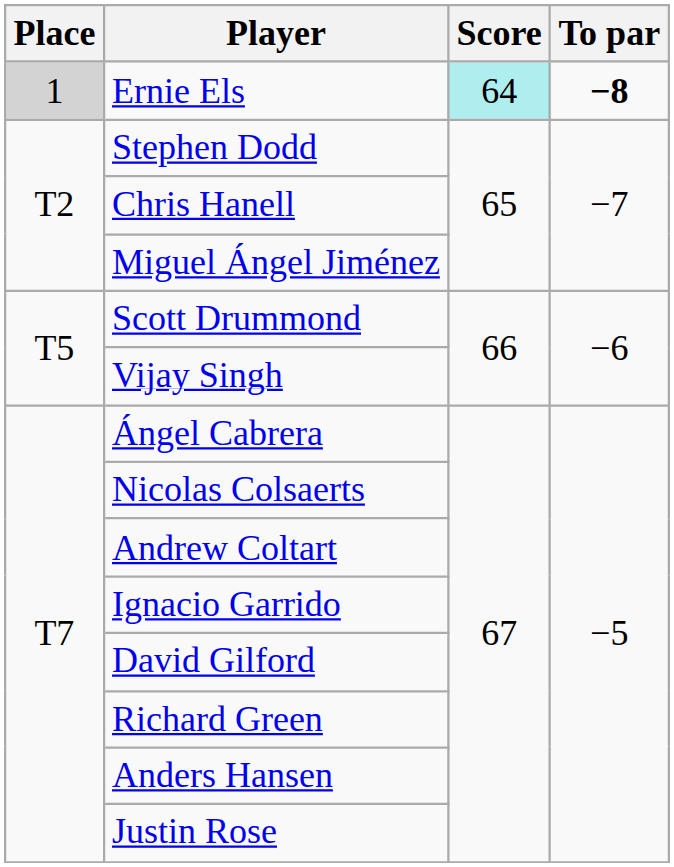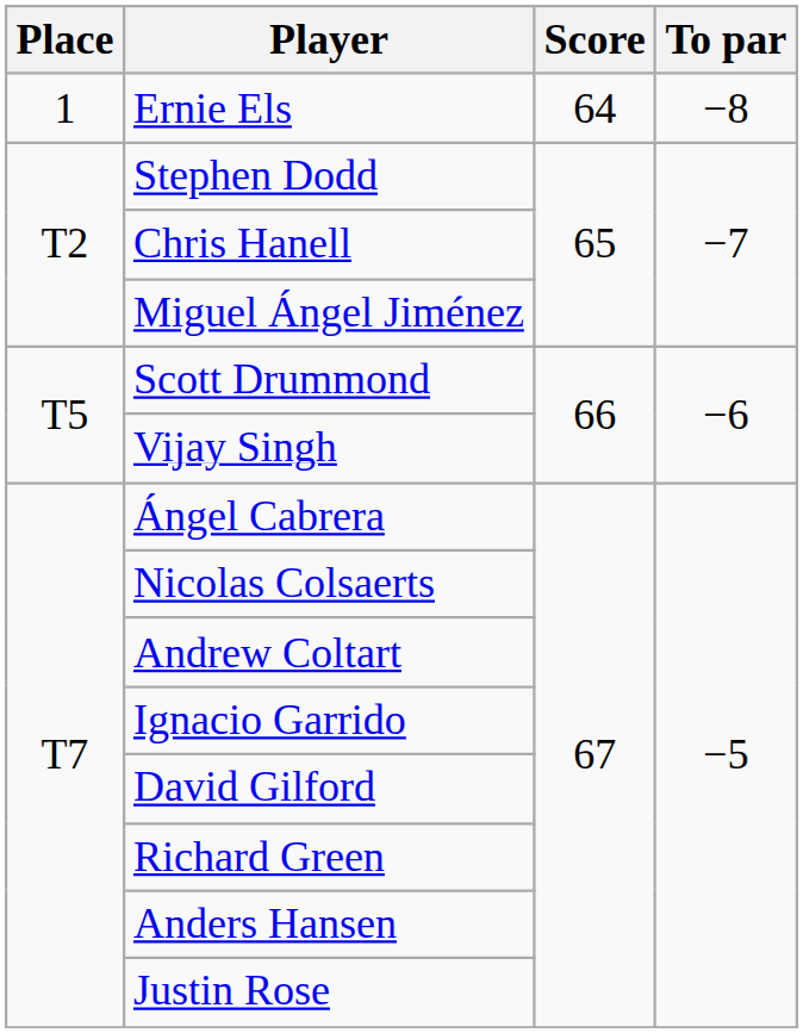 <table class="wikitable">
 <tr>
 <th>Place</th>
 <th>Player</th>
 <th>Score</th>
 <th>To par</th>
 </tr>
 <tr>
-<td align=center style="background: lightgrey;">1</td>
+<td align=center>1</td>
 <td> <a href='#'>Ernie Els</a></td>
-<td align=center style="background: paleturquoise;">64</td>
-<td align=center><strong>−8</strong></td>
+<td align=center>64</td>
+<td align=center>−8</td>
 </tr>
 <tr>
 <td rowspan="3" align=center>T2</td>
 <td> <a href='#'>Stephen Dodd</a></td>
 <td rowspan="3" align=center>65</td>
 <td rowspan="3" align=center>−7</td>
 </tr>
 <tr>
 <td> <a href='#'>Chris Hanell</a></td>
 </tr>
 <tr>
 <td> <a href='#'>Miguel Ángel Jiménez</a></td>
 </tr>
 <tr>
 <td rowspan="2" align=center>T5</td>
 <td> <a href='#'>Scott Drummond</a></td>
 <td rowspan="2" align=center>66</td>
 <td rowspan="2" align=center>−6</td>
 </tr>
 <tr>
 <td> <a href='#'>Vijay Singh</a></td>
 </tr>
 <tr>
 <td rowspan="8" align=center>T7</td>
 <td> <a href='#'>Ángel Cabrera</a></td>
 <td rowspan="8" align=center>67</td>
 <td rowspan="8" align=center>−5</td>
 </tr>
 <tr>
 <td> <a href='#'>Nicolas Colsaerts</a></td>
 </tr>
 <tr>
 <td> <a href='#'>Andrew Coltart</a></td>
 </tr>
 <tr>
 <td> <a href='#'>Ignacio Garrido</a></td>
 </tr>
 <tr>
 <td> <a href='#'>David Gilford</a></td>
 </tr>
 <tr>
 <td> <a href='#'>Richard Green</a></td>
 </tr>
 <tr>
 <td> <a href='#'>Anders Hansen</a></td>
 </tr>
 <tr>
 <td> <a href='#'>Justin Rose</a></td>
 </tr>
 </table>
